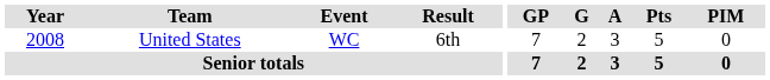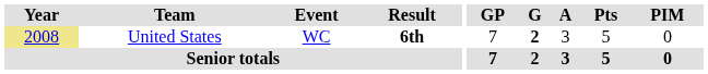 <table border="0" cellpadding="1" cellspacing="0" ID="Table3" style="text-align:center; width:40em">
 <tr ALIGN="center" bgcolor="#e0e0e0">
 <th>Year</th>
 <th>Team</th>
 <th>Event</th>
 <th>Result</th>
 <th rowspan="99" bgcolor="#ffffff"></th>
 <th>GP</th>
 <th>G</th>
 <th>A</th>
 <th>Pts</th>
 <th>PIM</th>
 </tr>
 <tr>
-<td><a href='#'>2008</a></td>
+<td style="background: khaki;"><a href='#'>2008</a></td>
 <td><a href='#'>United States</a></td>
 <td><a href='#'>WC</a></td>
-<td>6th</td>
+<td><strong>6th</strong></td>
 <td>7</td>
-<td>2</td>
+<td><strong>2</strong></td>
 <td>3</td>
 <td>5</td>
 <td>0</td>
 </tr>
 <tr ALIGN="center" bgcolor="#e0e0e0">
 <th colspan=4>Senior totals</th>
 <th>7</th>
 <th>2</th>
 <th>3</th>
 <th>5</th>
 <th>0</th>
 </tr>
 </table>
